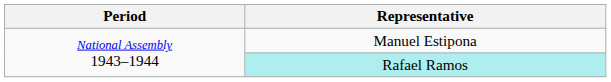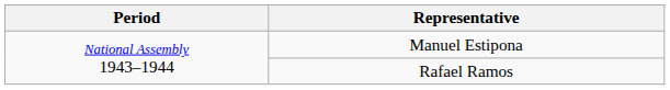 <table class="wikitable" style="text-align:center; width:40%;">
 <tr>
 <th width="40%">Period</th>
 <th>Representative</th>
 </tr>
 <tr>
 <td rowspan=2><small><a href='#'><em>National Assembly</em></a></small><br>1943–1944</td>
 <td>Manuel Estipona</td>
 </tr>
 <tr>
-<td style="background: paleturquoise;">Rafael Ramos</td>
+<td>Rafael Ramos</td>
 </tr>
 </table>
